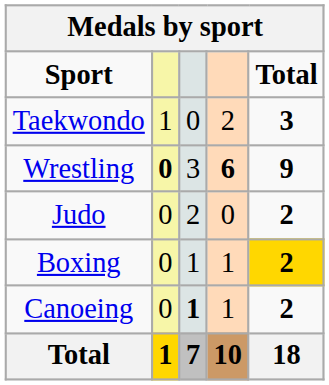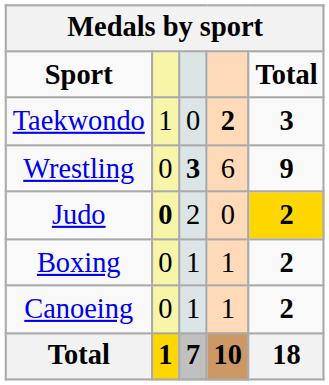 <table class=wikitable style="font-size:85%; float:right">
 <tr bgcolor=efefef>
 <th colspan=7><strong>Medals by sport</strong></th>
 </tr>
 <tr align=center>
 <td><strong>Sport</strong></td>
 <td bgcolor=f7f6a8></td>
 <td bgcolor=dce5e5></td>
 <td bgcolor=ffdab9></td>
 <td><strong>Total</strong></td>
 </tr>
 <tr align=center>
 <td><a href='#'>Taekwondo</a></td>
 <td style="background:#F7F6A8;">1</td>
 <td style="background:#DCE5E5;">0</td>
-<td style="background:#FFDAB9;">2</td>
+<td style="background:#FFDAB9;"><strong>2</strong></td>
 <td><strong>3</strong></td>
 </tr>
 <tr align=center>
 <td><a href='#'>Wrestling</a></td>
-<td style="background:#F7F6A8;"><strong>0</strong></td>
-<td style="background:#DCE5E5;">3</td>
-<td style="background:#FFDAB9;"><strong>6</strong></td>
+<td style="background:#F7F6A8;">0</td>
+<td style="background:#DCE5E5;"><strong>3</strong></td>
+<td style="background:#FFDAB9;">6</td>
 <td><strong>9</strong></td>
 </tr>
 <tr align=center>
 <td><a href='#'>Judo</a></td>
-<td style="background:#F7F6A8;">0</td>
+<td style="background:#F7F6A8;"><strong>0</strong></td>
 <td style="background:#DCE5E5;">2</td>
 <td style="background:#FFDAB9;">0</td>
-<td><strong>2</strong></td>
+<td style="background: gold;"><strong>2</strong></td>
 </tr>
 <tr align=center>
 <td><a href='#'>Boxing</a></td>
 <td style="background:#F7F6A8;">0</td>
 <td style="background:#DCE5E5;">1</td>
 <td style="background:#FFDAB9;">1</td>
-<td style="background: gold;"><strong>2</strong></td>
+<td><strong>2</strong></td>
 </tr>
 <tr align=center>
 <td><a href='#'>Canoeing</a></td>
 <td style="background:#F7F6A8;">0</td>
-<td style="background:#DCE5E5;"><strong>1</strong></td>
+<td style="background:#DCE5E5;">1</td>
 <td style="background:#FFDAB9;">1</td>
 <td><strong>2</strong></td>
 </tr>
 <tr align=center>
 <th>Total</th>
 <th style="background:gold">1</th>
 <th style="background:silver">7</th>
 <th style="background:#c96">10</th>
 <th>18</th>
 </tr>
 </table>
